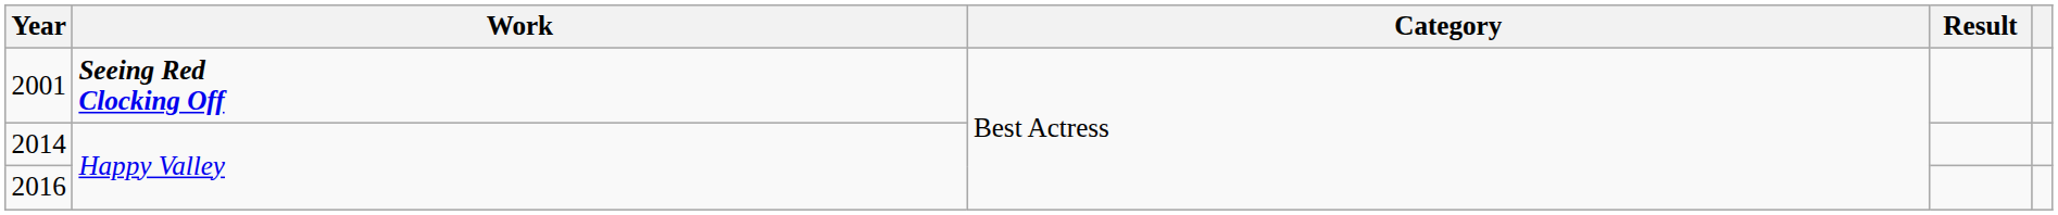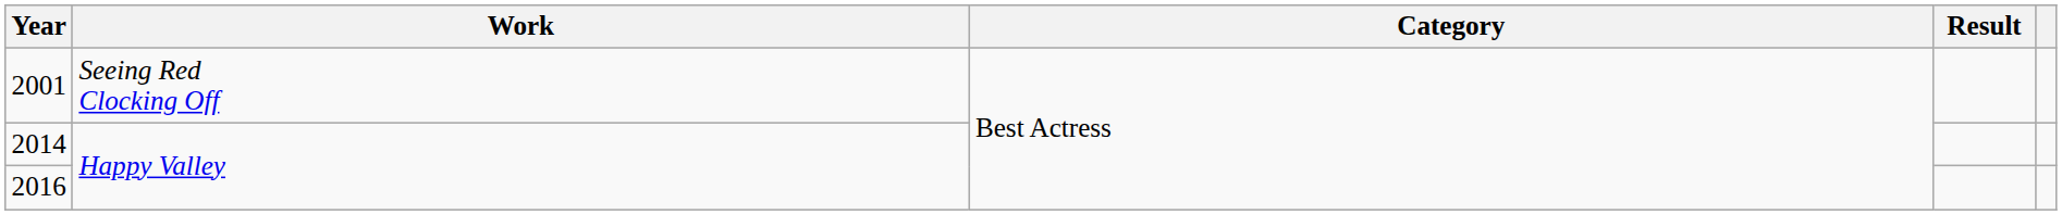 <table style="width:95%;" class="wikitable sortable">
 <tr>
 <th style="width:3%;">Year</th>
 <th>Work</th>
 <th style="width:47%;">Category</th>
 <th style="width:5%;">Result</th>
 <th style="width:1%;" scope="col" class="unsortable"></th>
 </tr>
 <tr>
 <td>2001</td>
-<td><strong><em>Seeing Red</em><br> <em><a href='#'>Clocking Off</a></em></strong></td>
+<td><em>Seeing Red</em><br> <em><a href='#'>Clocking Off</a></em></td>
 <td rowspan=3>Best Actress</td>
 <td></td>
 <td></td>
 </tr>
 <tr>
 <td>2014</td>
 <td rowspan=2><em><a href='#'>Happy Valley</a></em></td>
 <td></td>
 <td></td>
 </tr>
 <tr>
 <td>2016</td>
 <td></td>
 <td></td>
 </tr>
 </table>
